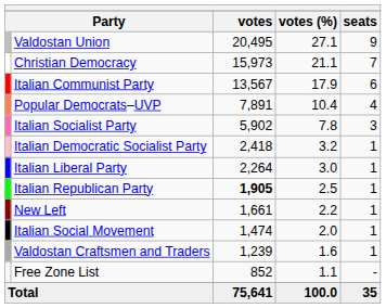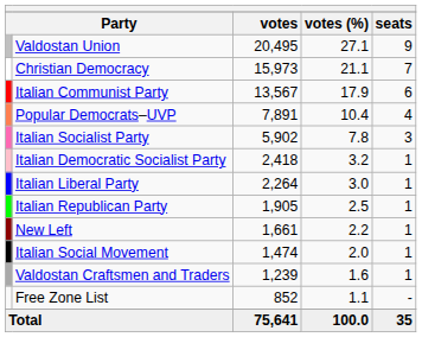 <table class="wikitable" style="font-size:95%">
 <tr>
 <th colspan=5></th>
 </tr>
 <tr>
 </tr>
 <tr bgcolor="EFEFEF">
 <th colspan=2>Party</th>
 <th>      votes</th>
 <th>votes (%)</th>
 <th>seats</th>
 </tr>
 <tr>
 <td bgcolor=Silver></td>
 <td><a href='#'>Valdostan Union</a></td>
 <td align=right>20,495</td>
 <td align=right>27.1</td>
 <td align=right>9</td>
 </tr>
 <tr>
 <td bgcolor=White></td>
 <td><a href='#'>Christian Democracy</a></td>
 <td align=right>15,973</td>
 <td align=right>21.1</td>
 <td align=right>7</td>
 </tr>
 <tr>
 <td bgcolor=Red></td>
 <td><a href='#'>Italian Communist Party</a></td>
 <td align=right>13,567</td>
 <td align=right>17.9</td>
 <td align=right>6</td>
 </tr>
 <tr>
 <td bgcolor=Coral></td>
 <td><a href='#'>Popular Democrats</a>–<a href='#'>UVP</a></td>
 <td align=right>7,891</td>
 <td align=right>10.4</td>
 <td align=right>4</td>
 </tr>
 <tr>
 <td bgcolor=Hotpink></td>
 <td><a href='#'>Italian Socialist Party</a></td>
 <td align=right>5,902</td>
 <td align=right>7.8</td>
 <td align=right>3</td>
 </tr>
 <tr>
 <td bgcolor=Pink></td>
 <td><a href='#'>Italian Democratic Socialist Party</a></td>
 <td align=right>2,418</td>
 <td align=right>3.2</td>
 <td align=right>1</td>
 </tr>
 <tr>
 <td bgcolor=Blue></td>
 <td><a href='#'>Italian Liberal Party</a></td>
 <td align=right>2,264</td>
 <td align=right>3.0</td>
 <td align=right>1</td>
 </tr>
 <tr>
 <td bgcolor=Lime></td>
 <td><a href='#'>Italian Republican Party</a></td>
-<td align=right><strong>1,905</strong></td>
+<td align=right>1,905</td>
 <td align=right>2.5</td>
 <td align=right>1</td>
 </tr>
 <tr>
 <td bgcolor=Darkred></td>
 <td><a href='#'>New Left</a></td>
 <td align=right>1,661</td>
 <td align=right>2.2</td>
 <td align=right>1</td>
 </tr>
 <tr>
 <td bgcolor=Black></td>
 <td><a href='#'>Italian Social Movement</a></td>
 <td align=right>1,474</td>
 <td align=right>2.0</td>
 <td align=right>1</td>
 </tr>
 <tr>
 <td bgcolor=Darkgray></td>
 <td><a href='#'>Valdostan Craftsmen and Traders</a></td>
 <td align=right>1,239</td>
 <td align=right>1.6</td>
 <td align=right>1</td>
 </tr>
 <tr>
 <td bgcolor=></td>
 <td>Free Zone List</td>
 <td align=right>852</td>
 <td align=right>1.1</td>
 <td align=right>-</td>
 </tr>
 <tr>
 </tr>
 <tr bgcolor="EFEFEF">
 <td colspan=2><strong>Total</strong></td>
 <td align=right><strong>75,641</strong></td>
 <td align=right><strong>100.0</strong></td>
 <td align=right><strong>35</strong></td>
 </tr>
 </table>
